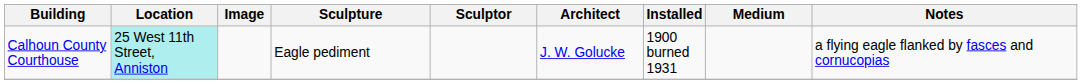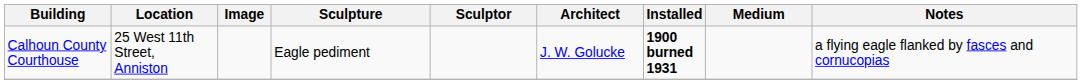 <table class="wikitable sortable">
 <tr>
 <th width="10%">Building</th>
 <th width="10%">Location</th>
 <th width="5%">Image</th>
 <th width="15%">Sculpture</th>
 <th width="10%">Sculptor</th>
 <th width="10%">Architect</th>
 <th width="5%">Installed</th>
 <th width="10%">Medium</th>
 <th width="25%">Notes</th>
 </tr>
 <tr>
 <td><a href='#'>Calhoun County Courthouse</a></td>
-<td style="background: paleturquoise;">25 West 11th Street,<br><a href='#'>Anniston</a></td>
+<td>25 West 11th Street,<br><a href='#'>Anniston</a></td>
 <td></td>
 <td>Eagle pediment</td>
 <td></td>
 <td><a href='#'>J. W. Golucke</a></td>
-<td>1900<br>burned 1931</td>
+<td><strong>1900<br>burned 1931</strong></td>
 <td></td>
 <td>a flying eagle flanked by <a href='#'>fasces</a> and <a href='#'>cornucopias</a></td>
 </tr>
 <tr>
 </tr>
 </table>
